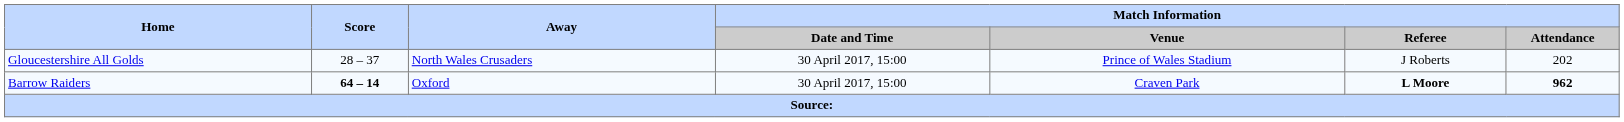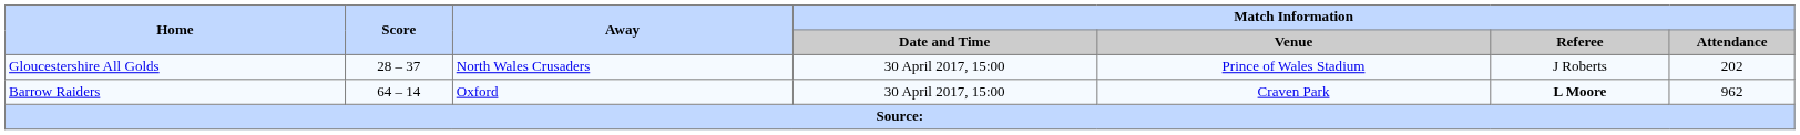 <table border=1 style="border-collapse:collapse; font-size:80%; text-align:center;" cellpadding=3 cellspacing=0 width=100%>
 <tr bgcolor=#C1D8FF>
 <th rowspan=2 width=19%>Home</th>
 <th rowspan=2 width=6%>Score</th>
 <th rowspan=2 width=19%>Away</th>
 <th colspan=6>Match Information</th>
 </tr>
 <tr bgcolor=#CCCCCC>
 <th width=17%>Date and Time</th>
 <th width=22%>Venue</th>
 <th width=10%>Referee</th>
 <th width=7%>Attendance</th>
 </tr>
 <tr bgcolor=#F5FAFF>
 <td align=left> <a href='#'>Gloucestershire All Golds</a></td>
 <td>28 – 37</td>
 <td align=left> <a href='#'>North Wales Crusaders</a></td>
 <td>30 April 2017, 15:00</td>
 <td><a href='#'>Prince of Wales Stadium</a></td>
 <td>J Roberts</td>
 <td>202</td>
 </tr>
 <tr bgcolor=#F5FAFF>
 <td align=left> <a href='#'>Barrow Raiders</a></td>
-<td><strong>64 – 14</strong></td>
+<td>64 – 14</td>
 <td align=left> <a href='#'>Oxford</a></td>
 <td>30 April 2017, 15:00</td>
 <td><a href='#'>Craven Park</a></td>
 <td><strong>L Moore</strong></td>
-<td><strong>962</strong></td>
+<td>962</td>
 </tr>
 <tr style="background:#c1d8ff;">
 <th colspan=12>Source:</th>
 </tr>
 </table>
